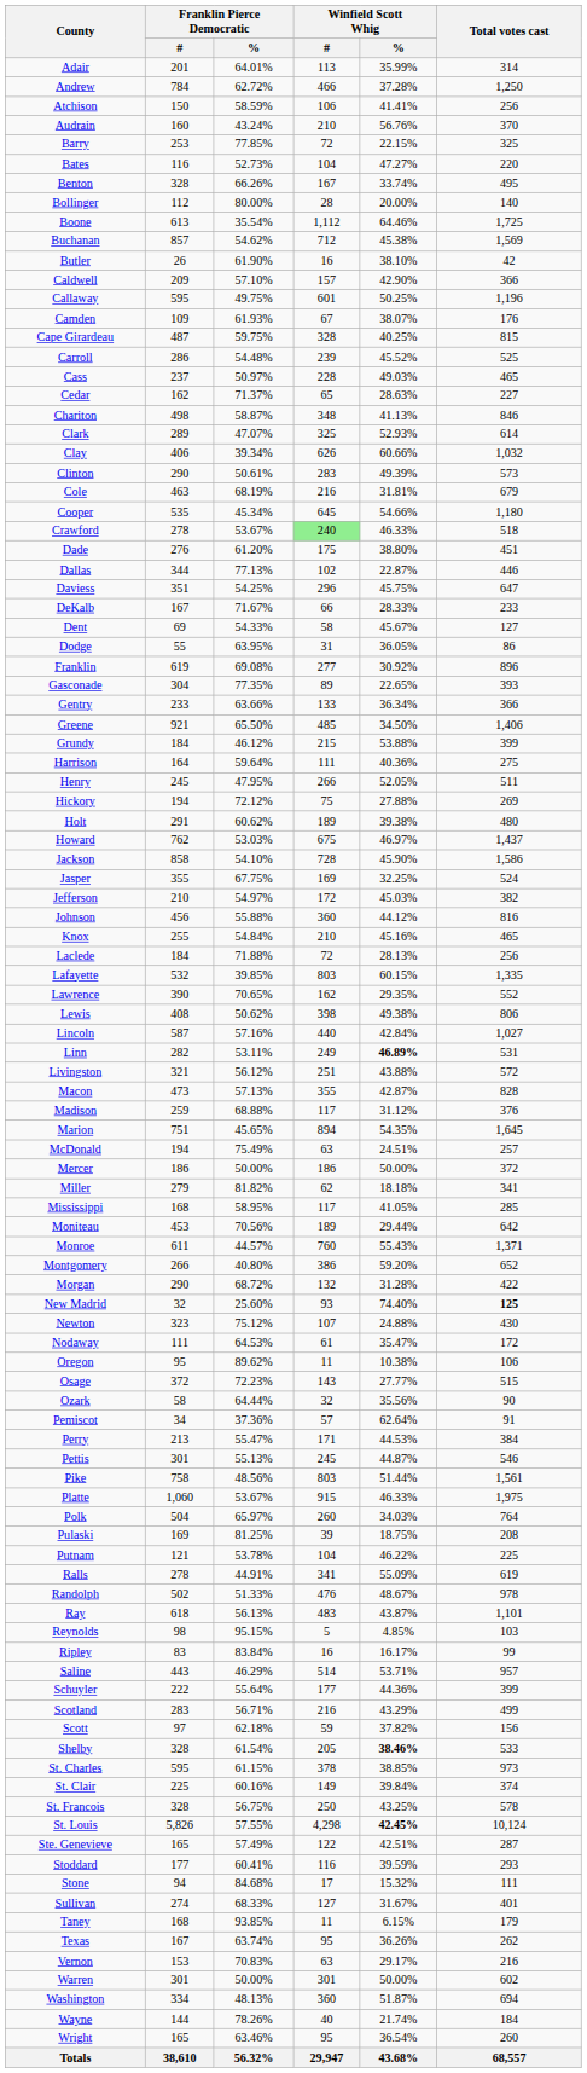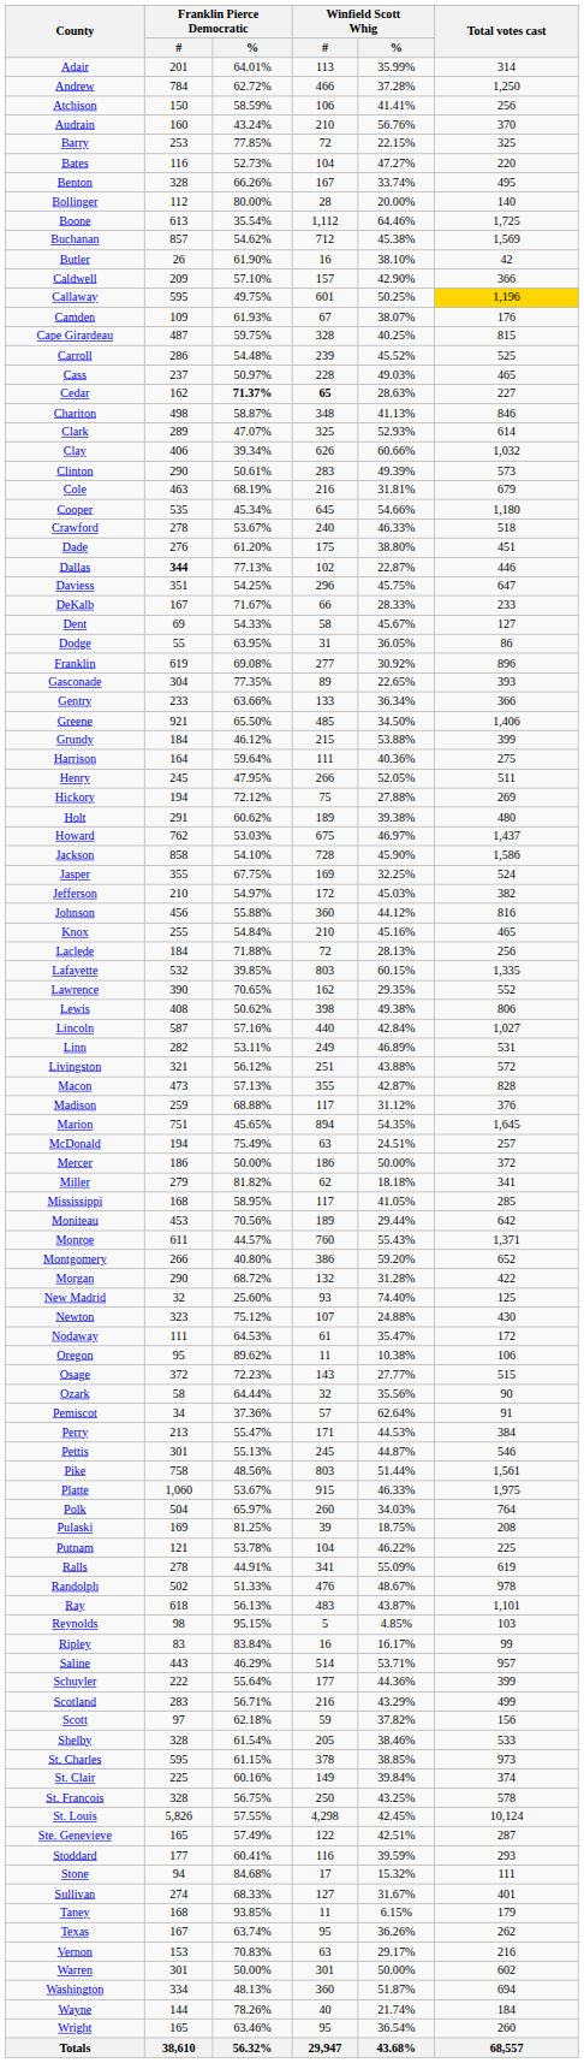 <table class="wikitable sortable" width="60%">
 <tr>
 <th rowspan="2">County</th>
 <th colspan="2">Franklin Pierce<br>Democratic</th>
 <th colspan="2">Winfield Scott<br>Whig</th>
 <th rowspan="2">Total votes cast</th>
 </tr>
 <tr>
 <th data-sort-type="number" style="text-align:center;">#</th>
 <th data-sort-type="number" style="text-align:center;">%</th>
 <th data-sort-type="number" style="text-align:center;">#</th>
 <th data-sort-type="number" style="text-align:center;">%</th>
 </tr>
 <tr style="text-align:center;">
 <td><a href='#'>Adair</a></td>
 <td>201</td>
 <td>64.01%</td>
 <td>113</td>
 <td>35.99%</td>
 <td>314</td>
 </tr>
 <tr style="text-align:center;">
 <td><a href='#'>Andrew</a></td>
 <td>784</td>
 <td>62.72%</td>
 <td>466</td>
 <td>37.28%</td>
 <td>1,250</td>
 </tr>
 <tr style="text-align:center;">
 <td><a href='#'>Atchison</a></td>
 <td>150</td>
 <td>58.59%</td>
 <td>106</td>
 <td>41.41%</td>
 <td>256</td>
 </tr>
 <tr style="text-align:center;">
 <td><a href='#'>Audrain</a></td>
 <td>160</td>
 <td>43.24%</td>
 <td>210</td>
 <td>56.76%</td>
 <td>370</td>
 </tr>
 <tr style="text-align:center;">
 <td><a href='#'>Barry</a></td>
 <td>253</td>
 <td>77.85%</td>
 <td>72</td>
 <td>22.15%</td>
 <td>325</td>
 </tr>
 <tr style="text-align:center;">
 <td><a href='#'>Bates</a></td>
 <td>116</td>
 <td>52.73%</td>
 <td>104</td>
 <td>47.27%</td>
 <td>220</td>
 </tr>
 <tr style="text-align:center;">
 <td><a href='#'>Benton</a></td>
 <td>328</td>
 <td>66.26%</td>
 <td>167</td>
 <td>33.74%</td>
 <td>495</td>
 </tr>
 <tr style="text-align:center;">
 <td><a href='#'>Bollinger</a></td>
 <td>112</td>
 <td>80.00%</td>
 <td>28</td>
 <td>20.00%</td>
 <td>140</td>
 </tr>
 <tr style="text-align:center;">
 <td><a href='#'>Boone</a></td>
 <td>613</td>
 <td>35.54%</td>
 <td>1,112</td>
 <td>64.46%</td>
 <td>1,725</td>
 </tr>
 <tr style="text-align:center;">
 <td><a href='#'>Buchanan</a></td>
 <td>857</td>
 <td>54.62%</td>
 <td>712</td>
 <td>45.38%</td>
 <td>1,569</td>
 </tr>
 <tr style="text-align:center;">
 <td><a href='#'>Butler</a></td>
 <td>26</td>
 <td>61.90%</td>
 <td>16</td>
 <td>38.10%</td>
 <td>42</td>
 </tr>
 <tr style="text-align:center;">
 <td><a href='#'>Caldwell</a></td>
 <td>209</td>
 <td>57.10%</td>
 <td>157</td>
 <td>42.90%</td>
 <td>366</td>
 </tr>
 <tr style="text-align:center;">
 <td><a href='#'>Callaway</a></td>
 <td>595</td>
 <td>49.75%</td>
 <td>601</td>
 <td>50.25%</td>
-<td>1,196</td>
+<td style="background: gold;">1,196</td>
 </tr>
 <tr style="text-align:center;">
 <td><a href='#'>Camden</a></td>
 <td>109</td>
 <td>61.93%</td>
 <td>67</td>
 <td>38.07%</td>
 <td>176</td>
 </tr>
 <tr style="text-align:center;">
 <td><a href='#'>Cape Girardeau</a></td>
 <td>487</td>
 <td>59.75%</td>
 <td>328</td>
 <td>40.25%</td>
 <td>815</td>
 </tr>
 <tr style="text-align:center;">
 <td><a href='#'>Carroll</a></td>
 <td>286</td>
 <td>54.48%</td>
 <td>239</td>
 <td>45.52%</td>
 <td>525</td>
 </tr>
 <tr style="text-align:center;">
 <td><a href='#'>Cass</a></td>
 <td>237</td>
 <td>50.97%</td>
 <td>228</td>
 <td>49.03%</td>
 <td>465</td>
 </tr>
 <tr style="text-align:center;">
 <td><a href='#'>Cedar</a></td>
 <td>162</td>
-<td>71.37%</td>
-<td>65</td>
+<td><strong>71.37%</strong></td>
+<td><strong>65</strong></td>
 <td>28.63%</td>
 <td>227</td>
 </tr>
 <tr style="text-align:center;">
 <td><a href='#'>Chariton</a></td>
 <td>498</td>
 <td>58.87%</td>
 <td>348</td>
 <td>41.13%</td>
 <td>846</td>
 </tr>
 <tr style="text-align:center;">
 <td><a href='#'>Clark</a></td>
 <td>289</td>
 <td>47.07%</td>
 <td>325</td>
 <td>52.93%</td>
 <td>614</td>
 </tr>
 <tr style="text-align:center;">
 <td><a href='#'>Clay</a></td>
 <td>406</td>
 <td>39.34%</td>
 <td>626</td>
 <td>60.66%</td>
 <td>1,032</td>
 </tr>
 <tr style="text-align:center;">
 <td><a href='#'>Clinton</a></td>
 <td>290</td>
 <td>50.61%</td>
 <td>283</td>
 <td>49.39%</td>
 <td>573</td>
 </tr>
 <tr style="text-align:center;">
 <td><a href='#'>Cole</a></td>
 <td>463</td>
 <td>68.19%</td>
 <td>216</td>
 <td>31.81%</td>
 <td>679</td>
 </tr>
 <tr style="text-align:center;">
 <td><a href='#'>Cooper</a></td>
 <td>535</td>
 <td>45.34%</td>
 <td>645</td>
 <td>54.66%</td>
 <td>1,180</td>
 </tr>
 <tr style="text-align:center;">
 <td><a href='#'>Crawford</a></td>
 <td>278</td>
 <td>53.67%</td>
-<td style="background: lightgreen;">240</td>
+<td>240</td>
 <td>46.33%</td>
 <td>518</td>
 </tr>
 <tr style="text-align:center;">
 <td><a href='#'>Dade</a></td>
 <td>276</td>
 <td>61.20%</td>
 <td>175</td>
 <td>38.80%</td>
 <td>451</td>
 </tr>
 <tr style="text-align:center;">
 <td><a href='#'>Dallas</a></td>
-<td>344</td>
+<td><strong>344</strong></td>
 <td>77.13%</td>
 <td>102</td>
 <td>22.87%</td>
 <td>446</td>
 </tr>
 <tr style="text-align:center;">
 <td><a href='#'>Daviess</a></td>
 <td>351</td>
 <td>54.25%</td>
 <td>296</td>
 <td>45.75%</td>
 <td>647</td>
 </tr>
 <tr style="text-align:center;">
 <td><a href='#'>DeKalb</a></td>
 <td>167</td>
 <td>71.67%</td>
 <td>66</td>
 <td>28.33%</td>
 <td>233</td>
 </tr>
 <tr style="text-align:center;">
 <td><a href='#'>Dent</a></td>
 <td>69</td>
 <td>54.33%</td>
 <td>58</td>
 <td>45.67%</td>
 <td>127</td>
 </tr>
 <tr style="text-align:center;">
 <td><a href='#'>Dodge</a></td>
 <td>55</td>
 <td>63.95%</td>
 <td>31</td>
 <td>36.05%</td>
 <td>86</td>
 </tr>
 <tr style="text-align:center;">
 <td><a href='#'>Franklin</a></td>
 <td>619</td>
 <td>69.08%</td>
 <td>277</td>
 <td>30.92%</td>
 <td>896</td>
 </tr>
 <tr style="text-align:center;">
 <td><a href='#'>Gasconade</a></td>
 <td>304</td>
 <td>77.35%</td>
 <td>89</td>
 <td>22.65%</td>
 <td>393</td>
 </tr>
 <tr style="text-align:center;">
 <td><a href='#'>Gentry</a></td>
 <td>233</td>
 <td>63.66%</td>
 <td>133</td>
 <td>36.34%</td>
 <td>366</td>
 </tr>
 <tr style="text-align:center;">
 <td><a href='#'>Greene</a></td>
 <td>921</td>
 <td>65.50%</td>
 <td>485</td>
 <td>34.50%</td>
 <td>1,406</td>
 </tr>
 <tr style="text-align:center;">
 <td><a href='#'>Grundy</a></td>
 <td>184</td>
 <td>46.12%</td>
 <td>215</td>
 <td>53.88%</td>
 <td>399</td>
 </tr>
 <tr style="text-align:center;">
 <td><a href='#'>Harrison</a></td>
 <td>164</td>
 <td>59.64%</td>
 <td>111</td>
 <td>40.36%</td>
 <td>275</td>
 </tr>
 <tr style="text-align:center;">
 <td><a href='#'>Henry</a></td>
 <td>245</td>
 <td>47.95%</td>
 <td>266</td>
 <td>52.05%</td>
 <td>511</td>
 </tr>
 <tr style="text-align:center;">
 <td><a href='#'>Hickory</a></td>
 <td>194</td>
 <td>72.12%</td>
 <td>75</td>
 <td>27.88%</td>
 <td>269</td>
 </tr>
 <tr style="text-align:center;">
 <td><a href='#'>Holt</a></td>
 <td>291</td>
 <td>60.62%</td>
 <td>189</td>
 <td>39.38%</td>
 <td>480</td>
 </tr>
 <tr style="text-align:center;">
 <td><a href='#'>Howard</a></td>
 <td>762</td>
 <td>53.03%</td>
 <td>675</td>
 <td>46.97%</td>
 <td>1,437</td>
 </tr>
 <tr style="text-align:center;">
 <td><a href='#'>Jackson</a></td>
 <td>858</td>
 <td>54.10%</td>
 <td>728</td>
 <td>45.90%</td>
 <td>1,586</td>
 </tr>
 <tr style="text-align:center;">
 <td><a href='#'>Jasper</a></td>
 <td>355</td>
 <td>67.75%</td>
 <td>169</td>
 <td>32.25%</td>
 <td>524</td>
 </tr>
 <tr style="text-align:center;">
 <td><a href='#'>Jefferson</a></td>
 <td>210</td>
 <td>54.97%</td>
 <td>172</td>
 <td>45.03%</td>
 <td>382</td>
 </tr>
 <tr style="text-align:center;">
 <td><a href='#'>Johnson</a></td>
 <td>456</td>
 <td>55.88%</td>
 <td>360</td>
 <td>44.12%</td>
 <td>816</td>
 </tr>
 <tr style="text-align:center;">
 <td><a href='#'>Knox</a></td>
 <td>255</td>
 <td>54.84%</td>
 <td>210</td>
 <td>45.16%</td>
 <td>465</td>
 </tr>
 <tr style="text-align:center;">
 <td><a href='#'>Laclede</a></td>
 <td>184</td>
 <td>71.88%</td>
 <td>72</td>
 <td>28.13%</td>
 <td>256</td>
 </tr>
 <tr style="text-align:center;">
 <td><a href='#'>Lafayette</a></td>
 <td>532</td>
 <td>39.85%</td>
 <td>803</td>
 <td>60.15%</td>
 <td>1,335</td>
 </tr>
 <tr style="text-align:center;">
 <td><a href='#'>Lawrence</a></td>
 <td>390</td>
 <td>70.65%</td>
 <td>162</td>
 <td>29.35%</td>
 <td>552</td>
 </tr>
 <tr style="text-align:center;">
 <td><a href='#'>Lewis</a></td>
 <td>408</td>
 <td>50.62%</td>
 <td>398</td>
 <td>49.38%</td>
 <td>806</td>
 </tr>
 <tr style="text-align:center;">
 <td><a href='#'>Lincoln</a></td>
 <td>587</td>
 <td>57.16%</td>
 <td>440</td>
 <td>42.84%</td>
 <td>1,027</td>
 </tr>
 <tr style="text-align:center;">
 <td><a href='#'>Linn</a></td>
 <td>282</td>
 <td>53.11%</td>
 <td>249</td>
-<td><strong>46.89%</strong></td>
+<td>46.89%</td>
 <td>531</td>
 </tr>
 <tr style="text-align:center;">
 <td><a href='#'>Livingston</a></td>
 <td>321</td>
 <td>56.12%</td>
 <td>251</td>
 <td>43.88%</td>
 <td>572</td>
 </tr>
 <tr style="text-align:center;">
 <td><a href='#'>Macon</a></td>
 <td>473</td>
 <td>57.13%</td>
 <td>355</td>
 <td>42.87%</td>
 <td>828</td>
 </tr>
 <tr style="text-align:center;">
 <td><a href='#'>Madison</a></td>
 <td>259</td>
 <td>68.88%</td>
 <td>117</td>
 <td>31.12%</td>
 <td>376</td>
 </tr>
 <tr style="text-align:center;">
 <td><a href='#'>Marion</a></td>
 <td>751</td>
 <td>45.65%</td>
 <td>894</td>
 <td>54.35%</td>
 <td>1,645</td>
 </tr>
 <tr style="text-align:center;">
 <td><a href='#'>McDonald</a></td>
 <td>194</td>
 <td>75.49%</td>
 <td>63</td>
 <td>24.51%</td>
 <td>257</td>
 </tr>
 <tr style="text-align:center;">
 <td><a href='#'>Mercer</a></td>
 <td>186</td>
 <td>50.00%</td>
 <td>186</td>
 <td>50.00%</td>
 <td>372</td>
 </tr>
 <tr style="text-align:center;">
 <td><a href='#'>Miller</a></td>
 <td>279</td>
 <td>81.82%</td>
 <td>62</td>
 <td>18.18%</td>
 <td>341</td>
 </tr>
 <tr style="text-align:center;">
 <td><a href='#'>Mississippi</a></td>
 <td>168</td>
 <td>58.95%</td>
 <td>117</td>
 <td>41.05%</td>
 <td>285</td>
 </tr>
 <tr style="text-align:center;">
 <td><a href='#'>Moniteau</a></td>
 <td>453</td>
 <td>70.56%</td>
 <td>189</td>
 <td>29.44%</td>
 <td>642</td>
 </tr>
 <tr style="text-align:center;">
 <td><a href='#'>Monroe</a></td>
 <td>611</td>
 <td>44.57%</td>
 <td>760</td>
 <td>55.43%</td>
 <td>1,371</td>
 </tr>
 <tr style="text-align:center;">
 <td><a href='#'>Montgomery</a></td>
 <td>266</td>
 <td>40.80%</td>
 <td>386</td>
 <td>59.20%</td>
 <td>652</td>
 </tr>
 <tr style="text-align:center;">
 <td><a href='#'>Morgan</a></td>
 <td>290</td>
 <td>68.72%</td>
 <td>132</td>
 <td>31.28%</td>
 <td>422</td>
 </tr>
 <tr style="text-align:center;">
 <td><a href='#'>New Madrid</a></td>
 <td>32</td>
 <td>25.60%</td>
 <td>93</td>
 <td>74.40%</td>
-<td><strong>125</strong></td>
+<td>125</td>
 </tr>
 <tr style="text-align:center;">
 <td><a href='#'>Newton</a></td>
 <td>323</td>
 <td>75.12%</td>
 <td>107</td>
 <td>24.88%</td>
 <td>430</td>
 </tr>
 <tr style="text-align:center;">
 <td><a href='#'>Nodaway</a></td>
 <td>111</td>
 <td>64.53%</td>
 <td>61</td>
 <td>35.47%</td>
 <td>172</td>
 </tr>
 <tr style="text-align:center;">
 <td><a href='#'>Oregon</a></td>
 <td>95</td>
 <td>89.62%</td>
 <td>11</td>
 <td>10.38%</td>
 <td>106</td>
 </tr>
 <tr style="text-align:center;">
 <td><a href='#'>Osage</a></td>
 <td>372</td>
 <td>72.23%</td>
 <td>143</td>
 <td>27.77%</td>
 <td>515</td>
 </tr>
 <tr style="text-align:center;">
 <td><a href='#'>Ozark</a></td>
 <td>58</td>
 <td>64.44%</td>
 <td>32</td>
 <td>35.56%</td>
 <td>90</td>
 </tr>
 <tr style="text-align:center;">
 <td><a href='#'>Pemiscot</a></td>
 <td>34</td>
 <td>37.36%</td>
 <td>57</td>
 <td>62.64%</td>
 <td>91</td>
 </tr>
 <tr style="text-align:center;">
 <td><a href='#'>Perry</a></td>
 <td>213</td>
 <td>55.47%</td>
 <td>171</td>
 <td>44.53%</td>
 <td>384</td>
 </tr>
 <tr style="text-align:center;">
 <td><a href='#'>Pettis</a></td>
 <td>301</td>
 <td>55.13%</td>
 <td>245</td>
 <td>44.87%</td>
 <td>546</td>
 </tr>
 <tr style="text-align:center;">
 <td><a href='#'>Pike</a></td>
 <td>758</td>
 <td>48.56%</td>
 <td>803</td>
 <td>51.44%</td>
 <td>1,561</td>
 </tr>
 <tr style="text-align:center;">
 <td><a href='#'>Platte</a></td>
 <td>1,060</td>
 <td>53.67%</td>
 <td>915</td>
 <td>46.33%</td>
 <td>1,975</td>
 </tr>
 <tr style="text-align:center;">
 <td><a href='#'>Polk</a></td>
 <td>504</td>
 <td>65.97%</td>
 <td>260</td>
 <td>34.03%</td>
 <td>764</td>
 </tr>
 <tr style="text-align:center;">
 <td><a href='#'>Pulaski</a></td>
 <td>169</td>
 <td>81.25%</td>
 <td>39</td>
 <td>18.75%</td>
 <td>208</td>
 </tr>
 <tr style="text-align:center;">
 <td><a href='#'>Putnam</a></td>
 <td>121</td>
 <td>53.78%</td>
 <td>104</td>
 <td>46.22%</td>
 <td>225</td>
 </tr>
 <tr style="text-align:center;">
 <td><a href='#'>Ralls</a></td>
 <td>278</td>
 <td>44.91%</td>
 <td>341</td>
 <td>55.09%</td>
 <td>619</td>
 </tr>
 <tr style="text-align:center;">
 <td><a href='#'>Randolph</a></td>
 <td>502</td>
 <td>51.33%</td>
 <td>476</td>
 <td>48.67%</td>
 <td>978</td>
 </tr>
 <tr style="text-align:center;">
 <td><a href='#'>Ray</a></td>
 <td>618</td>
 <td>56.13%</td>
 <td>483</td>
 <td>43.87%</td>
 <td>1,101</td>
 </tr>
 <tr style="text-align:center;">
 <td><a href='#'>Reynolds</a></td>
 <td>98</td>
 <td>95.15%</td>
 <td>5</td>
 <td>4.85%</td>
 <td>103</td>
 </tr>
 <tr style="text-align:center;">
 <td><a href='#'>Ripley</a></td>
 <td>83</td>
 <td>83.84%</td>
 <td>16</td>
 <td>16.17%</td>
 <td>99</td>
 </tr>
 <tr style="text-align:center;">
 <td><a href='#'>Saline</a></td>
 <td>443</td>
 <td>46.29%</td>
 <td>514</td>
 <td>53.71%</td>
 <td>957</td>
 </tr>
 <tr style="text-align:center;">
 <td><a href='#'>Schuyler</a></td>
 <td>222</td>
 <td>55.64%</td>
 <td>177</td>
 <td>44.36%</td>
 <td>399</td>
 </tr>
 <tr style="text-align:center;">
 <td><a href='#'>Scotland</a></td>
 <td>283</td>
 <td>56.71%</td>
 <td>216</td>
 <td>43.29%</td>
 <td>499</td>
 </tr>
 <tr style="text-align:center;">
 <td><a href='#'>Scott</a></td>
 <td>97</td>
 <td>62.18%</td>
 <td>59</td>
 <td>37.82%</td>
 <td>156</td>
 </tr>
 <tr style="text-align:center;">
 <td><a href='#'>Shelby</a></td>
 <td>328</td>
 <td>61.54%</td>
 <td>205</td>
-<td><strong>38.46%</strong></td>
+<td>38.46%</td>
 <td>533</td>
 </tr>
 <tr style="text-align:center;">
 <td><a href='#'>St. Charles</a></td>
 <td>595</td>
 <td>61.15%</td>
 <td>378</td>
 <td>38.85%</td>
 <td>973</td>
 </tr>
 <tr style="text-align:center;">
 <td><a href='#'>St. Clair</a></td>
 <td>225</td>
 <td>60.16%</td>
 <td>149</td>
 <td>39.84%</td>
 <td>374</td>
 </tr>
 <tr style="text-align:center;">
 <td><a href='#'>St. Francois</a></td>
 <td>328</td>
 <td>56.75%</td>
 <td>250</td>
 <td>43.25%</td>
 <td>578</td>
 </tr>
 <tr style="text-align:center;">
 <td><a href='#'>St. Louis</a></td>
 <td>5,826</td>
 <td>57.55%</td>
 <td>4,298</td>
-<td><strong>42.45%</strong></td>
+<td>42.45%</td>
 <td>10,124</td>
 </tr>
 <tr style="text-align:center;">
 <td><a href='#'>Ste. Genevieve</a></td>
 <td>165</td>
 <td>57.49%</td>
 <td>122</td>
 <td>42.51%</td>
 <td>287</td>
 </tr>
 <tr style="text-align:center;">
 <td><a href='#'>Stoddard</a></td>
 <td>177</td>
 <td>60.41%</td>
 <td>116</td>
 <td>39.59%</td>
 <td>293</td>
 </tr>
 <tr style="text-align:center;">
 <td><a href='#'>Stone</a></td>
 <td>94</td>
 <td>84.68%</td>
 <td>17</td>
 <td>15.32%</td>
 <td>111</td>
 </tr>
 <tr style="text-align:center;">
 <td><a href='#'>Sullivan</a></td>
 <td>274</td>
 <td>68.33%</td>
 <td>127</td>
 <td>31.67%</td>
 <td>401</td>
 </tr>
 <tr style="text-align:center;">
 <td><a href='#'>Taney</a></td>
 <td>168</td>
 <td>93.85%</td>
 <td>11</td>
 <td>6.15%</td>
 <td>179</td>
 </tr>
 <tr style="text-align:center;">
 <td><a href='#'>Texas</a></td>
 <td>167</td>
 <td>63.74%</td>
 <td>95</td>
 <td>36.26%</td>
 <td>262</td>
 </tr>
 <tr style="text-align:center;">
 <td><a href='#'>Vernon</a></td>
 <td>153</td>
 <td>70.83%</td>
 <td>63</td>
 <td>29.17%</td>
 <td>216</td>
 </tr>
 <tr style="text-align:center;">
 <td><a href='#'>Warren</a></td>
 <td>301</td>
 <td>50.00%</td>
 <td>301</td>
 <td>50.00%</td>
 <td>602</td>
 </tr>
 <tr style="text-align:center;">
 <td><a href='#'>Washington</a></td>
 <td>334</td>
 <td>48.13%</td>
 <td>360</td>
 <td>51.87%</td>
 <td>694</td>
 </tr>
 <tr style="text-align:center;">
 <td><a href='#'>Wayne</a></td>
 <td>144</td>
 <td>78.26%</td>
 <td>40</td>
 <td>21.74%</td>
 <td>184</td>
 </tr>
 <tr style="text-align:center;">
 <td><a href='#'>Wright</a></td>
 <td>165</td>
 <td>63.46%</td>
 <td>95</td>
 <td>36.54%</td>
 <td>260</td>
 </tr>
 <tr>
 <th>Totals</th>
 <th>38,610</th>
 <th>56.32%</th>
 <th>29,947</th>
 <th>43.68%</th>
 <th>68,557</th>
 </tr>
 </table>
